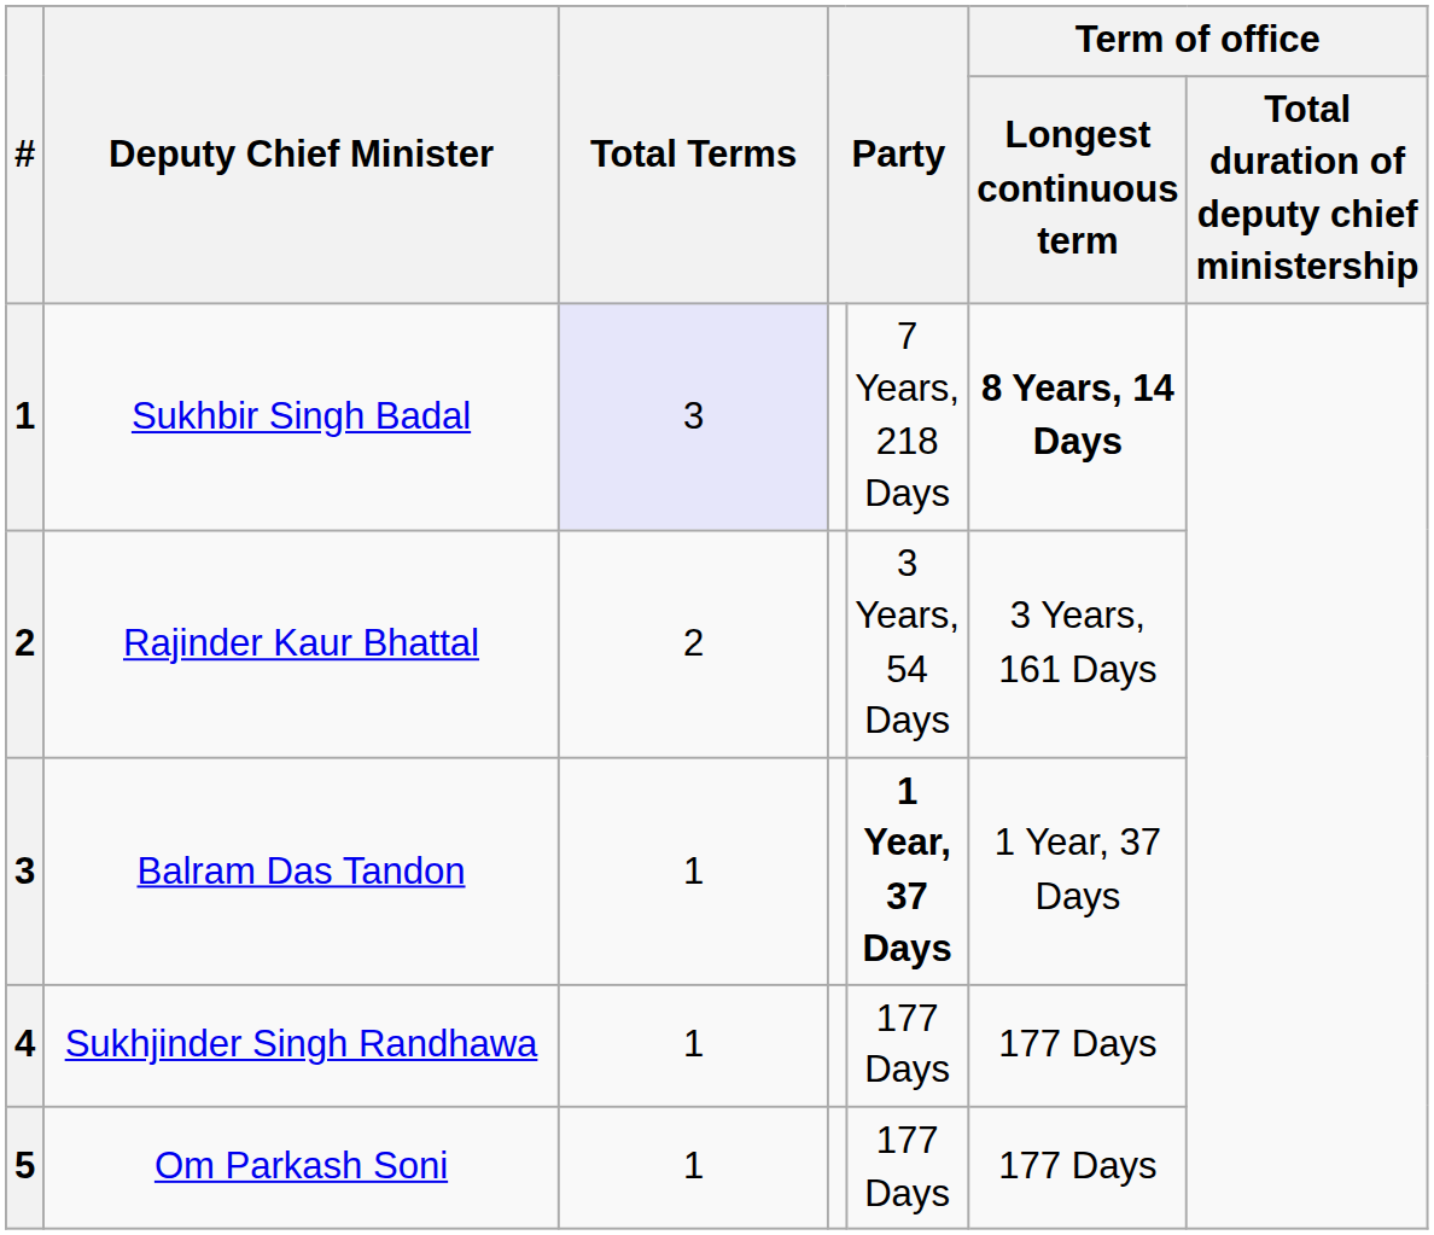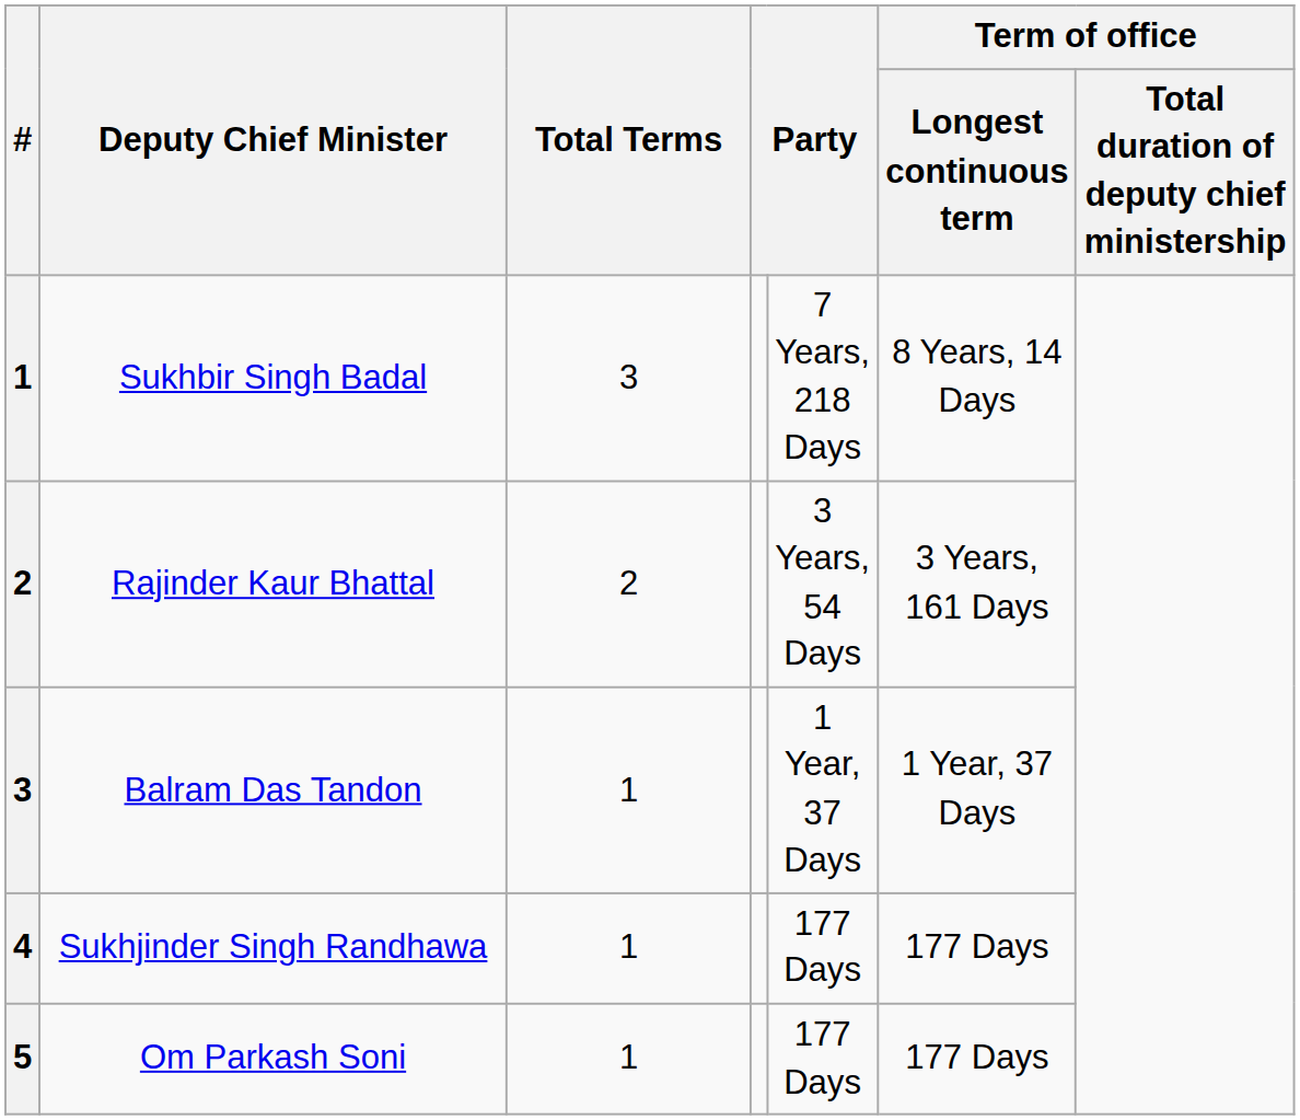 <table class="wikitable sortable" style="line-height:1.4em; text-align:center">
 <tr>
 <th data-sort-type=number rowspan = "2">#</th>
 <th rowspan="2" style="width:16em">Deputy Chief Minister</th>
 <th rowspan="2" style="width:8em">Total Terms</th>
 <th rowspan="2" colspan=2 style="width:8em">Party</th>
 <th colspan="2">Term of office</th>
 </tr>
 <tr>
 <th>Longest continuous term</th>
 <th>Total duration of deputy chief ministership</th>
 </tr>
 <tr>
 <th>1</th>
 <td><a href='#'>Sukhbir Singh Badal</a></td>
-<td style="background: lavender;">3</td>
+<td>3</td>
 <td></td>
 <td>7 Years, 218 Days</td>
-<td><strong>8 Years, 14 Days</strong></td>
+<td>8 Years, 14 Days</td>
 </tr>
 <tr>
 <th>2</th>
 <td><a href='#'>Rajinder Kaur Bhattal</a></td>
 <td>2</td>
 <td></td>
 <td>3 Years, 54 Days</td>
 <td>3 Years, 161 Days</td>
 </tr>
 <tr>
 <th>3</th>
 <td><a href='#'>Balram Das Tandon</a></td>
 <td>1</td>
 <td></td>
-<td><strong>1 Year, 37 Days</strong></td>
+<td>1 Year, 37 Days</td>
 <td>1 Year, 37 Days</td>
 </tr>
 <tr>
 <th>4</th>
 <td><a href='#'>Sukhjinder Singh Randhawa</a></td>
 <td>1</td>
 <td></td>
 <td>177 Days</td>
 <td>177 Days</td>
 </tr>
 <tr>
 <th>5</th>
 <td><a href='#'>Om Parkash Soni</a></td>
 <td>1</td>
 <td></td>
 <td>177 Days</td>
 <td>177 Days</td>
 </tr>
 </table>
